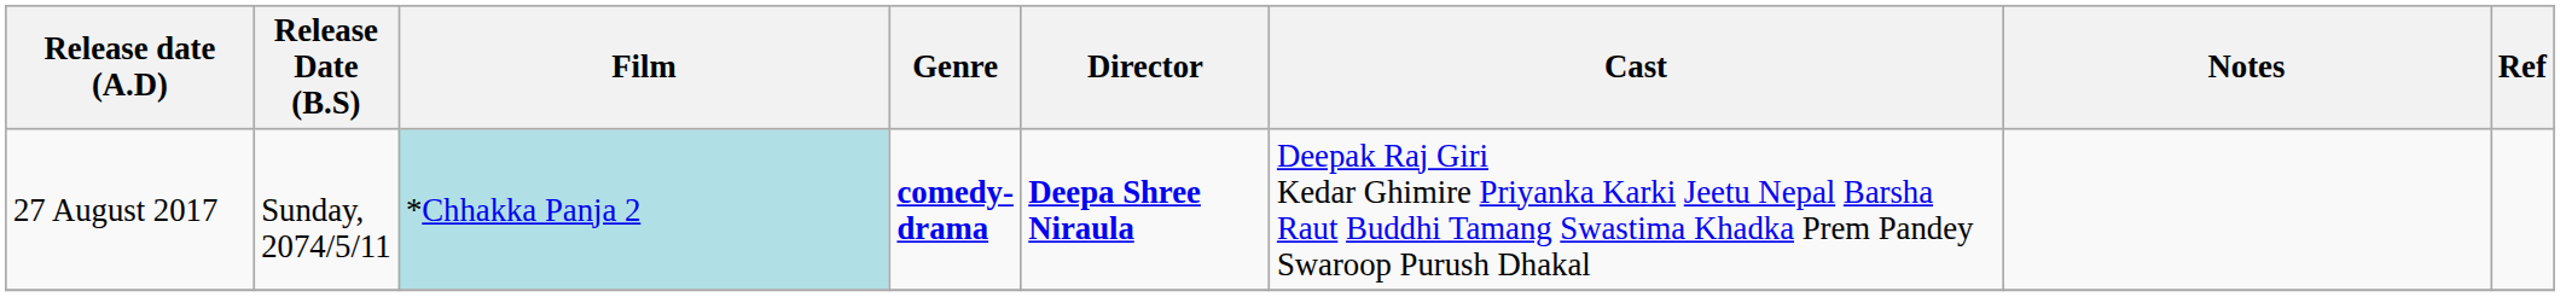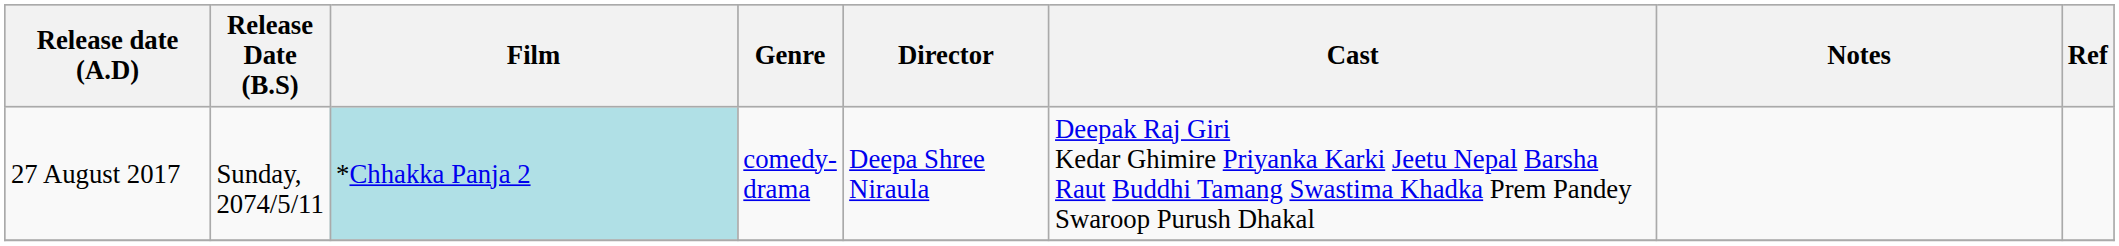 <table class="wikitable sortable" style="width:100%">
 <tr>
 <th style="width:10%;">Release date (A.D)</th>
 <th>Release Date (B.S)</th>
 <th style="width:20%;">Film</th>
 <th>Genre</th>
 <th style="width:10%;">Director</th>
 <th style="width:30%;">Cast</th>
 <th style="width:20%;">Notes</th>
 <th style="width:2%;">Ref</th>
 </tr>
 <tr>
 <td>27 August 2017</td>
 <td><br>Sunday, 2074/5/11</td>
 <td style="background:#B0E0E6;">*<a href='#'>Chhakka Panja 2</a></td>
-<td><strong><a href='#'>comedy-drama</a></strong></td>
-<td><strong><a href='#'>Deepa Shree Niraula</a></strong></td>
+<td><a href='#'>comedy-drama</a></td>
+<td><a href='#'>Deepa Shree Niraula</a></td>
 <td><a href='#'>Deepak Raj Giri</a><br>Kedar Ghimire <a href='#'>Priyanka Karki</a> <a href='#'>Jeetu Nepal</a> <a href='#'>Barsha Raut</a> <a href='#'>Buddhi Tamang</a> <a href='#'>Swastima Khadka</a> Prem Pandey Swaroop Purush Dhakal</td>
 <td></td>
 <td></td>
 </tr>
 <tr>
 </tr>
 </table>
